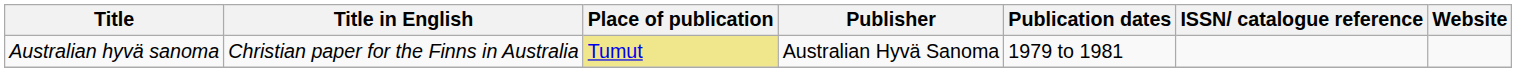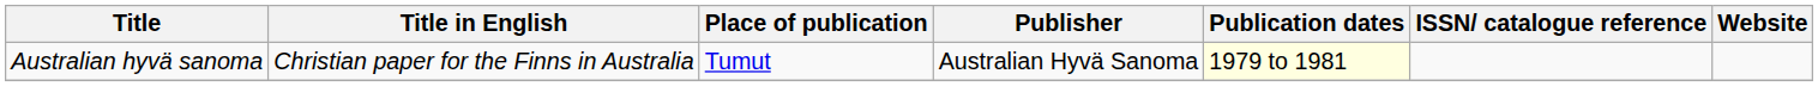 <table class="wikitable sortable">
 <tr>
 <th>Title</th>
 <th>Title in English</th>
 <th>Place of publication</th>
 <th>Publisher</th>
 <th>Publication dates</th>
 <th>ISSN/ catalogue reference</th>
 <th>Website</th>
 </tr>
 <tr>
 <td><em>Australian hyvä sanoma</em></td>
 <td><em>Christian paper for the Finns in Australia</em></td>
-<td style="background: khaki;"><a href='#'>Tumut</a></td>
+<td><a href='#'>Tumut</a></td>
 <td>Australian Hyvä Sanoma</td>
-<td>1979 to 1981</td>
+<td style="background: lightyellow;">1979 to 1981</td>
 <td></td>
 <td></td>
 </tr>
 <tr>
 </tr>
 </table>
